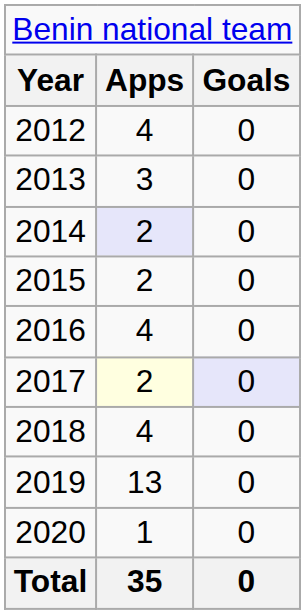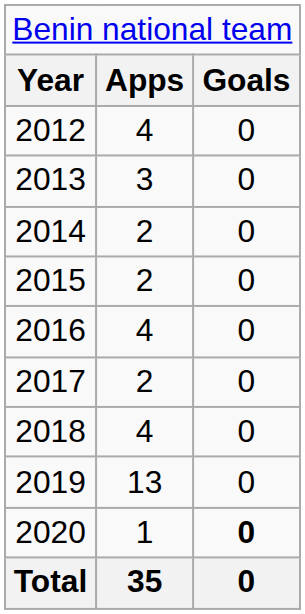 <table class="wikitable" style="text-align:center">
 <tr>
 <td colspan="3"><a href='#'>Benin national team</a></td>
 </tr>
 <tr>
 <th>Year</th>
 <th>Apps</th>
 <th>Goals</th>
 </tr>
 <tr>
 <td>2012</td>
 <td>4</td>
 <td>0</td>
 </tr>
 <tr>
 <td>2013</td>
 <td>3</td>
 <td>0</td>
 </tr>
 <tr>
 <td>2014</td>
-<td style="background: lavender;">2</td>
+<td>2</td>
 <td>0</td>
 </tr>
 <tr>
 <td>2015</td>
 <td>2</td>
 <td>0</td>
 </tr>
 <tr>
 <td>2016</td>
 <td>4</td>
 <td>0</td>
 </tr>
 <tr>
 <td>2017</td>
-<td style="background: lightyellow;">2</td>
-<td style="background: lavender;">0</td>
+<td>2</td>
+<td>0</td>
 </tr>
 <tr>
 <td>2018</td>
 <td>4</td>
 <td>0</td>
 </tr>
 <tr>
 <td>2019</td>
 <td>13</td>
 <td>0</td>
 </tr>
 <tr>
 <td>2020</td>
 <td>1</td>
-<td>0</td>
+<td><strong>0</strong></td>
 </tr>
 <tr>
 <th>Total</th>
 <th>35</th>
 <th>0</th>
 </tr>
 </table>
